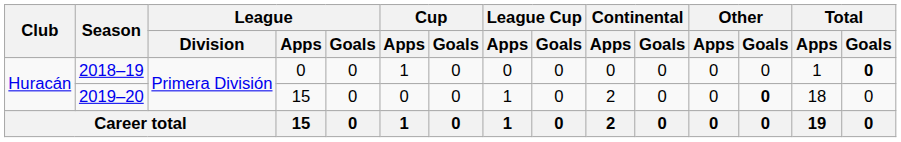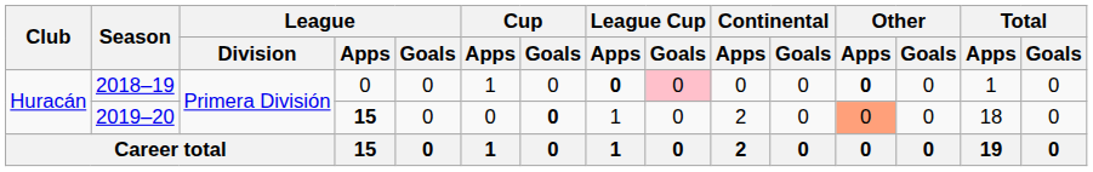 <table class="wikitable" style="text-align:center">
 <tr>
 <th rowspan="2">Club</th>
 <th rowspan="2">Season</th>
 <th colspan="3">League</th>
 <th colspan="2">Cup</th>
 <th colspan="2">League Cup</th>
 <th colspan="2">Continental</th>
 <th colspan="2">Other</th>
 <th colspan="2">Total</th>
 </tr>
 <tr>
 <th>Division</th>
 <th>Apps</th>
 <th>Goals</th>
 <th>Apps</th>
 <th>Goals</th>
 <th>Apps</th>
 <th>Goals</th>
 <th>Apps</th>
 <th>Goals</th>
 <th>Apps</th>
 <th>Goals</th>
 <th>Apps</th>
 <th>Goals</th>
 </tr>
 <tr>
 <td rowspan="2"><a href='#'>Huracán</a></td>
 <td><a href='#'>2018–19</a></td>
 <td rowspan="2"><a href='#'>Primera División</a></td>
 <td>0</td>
 <td>0</td>
 <td>1</td>
 <td>0</td>
+<td><strong>0</strong></td>
+<td style="background: pink;">0</td>
 <td>0</td>
 <td>0</td>
-<td>0</td>
-<td>0</td>
-<td>0</td>
+<td><strong>0</strong></td>
 <td>0</td>
 <td>1</td>
-<td><strong>0</strong></td>
+<td>0</td>
 </tr>
 <tr>
 <td><a href='#'>2019–20</a></td>
-<td>15</td>
+<td><strong>15</strong></td>
 <td>0</td>
 <td>0</td>
-<td>0</td>
+<td><strong>0</strong></td>
 <td>1</td>
 <td>0</td>
 <td>2</td>
 <td>0</td>
+<td style="background: lightsalmon;">0</td>
 <td>0</td>
-<td><strong>0</strong></td>
 <td>18</td>
 <td>0</td>
 </tr>
 <tr>
 <th colspan="3">Career total</th>
 <th>15</th>
 <th>0</th>
 <th>1</th>
 <th>0</th>
 <th>1</th>
 <th>0</th>
 <th>2</th>
 <th>0</th>
 <th>0</th>
 <th>0</th>
 <th>19</th>
 <th>0</th>
 </tr>
 </table>
